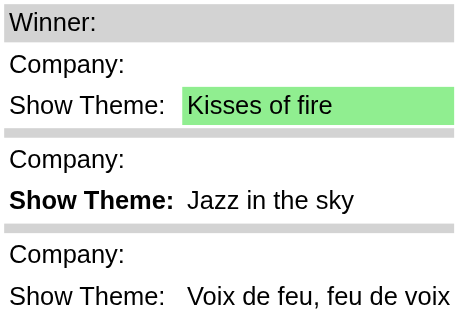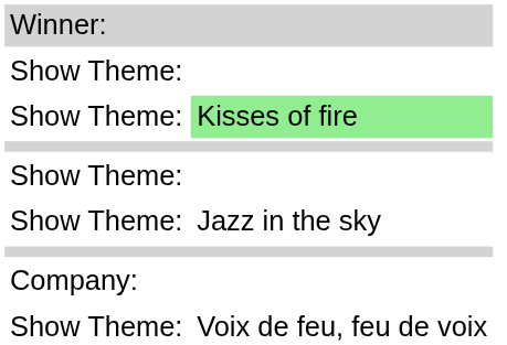 <table border="0" cellpadding="3">
 <tr>
 <td colspan="2" style="background:lightgrey;">Winner: </td>
 </tr>
 <tr>
-<td>Company:</td>
+<td>Show Theme:</td>
 <td></td>
 </tr>
 <tr>
 <td>Show Theme:</td>
 <td style="background: lightgreen;">Kisses of fire</td>
 </tr>
 <tr>
 <td colspan="2" style="background:lightgrey;"></td>
 </tr>
 <tr>
-<td>Company:</td>
+<td>Show Theme:</td>
 <td></td>
 </tr>
 <tr>
-<td><strong>Show Theme:</strong></td>
+<td>Show Theme:</td>
 <td>Jazz in the sky</td>
 </tr>
 <tr>
 <td colspan="2" style="background:lightgrey;"></td>
 </tr>
 <tr>
 <td>Company:</td>
 <td></td>
 </tr>
 <tr>
 <td>Show Theme:</td>
 <td>Voix de feu, feu de voix</td>
 </tr>
 </table>
